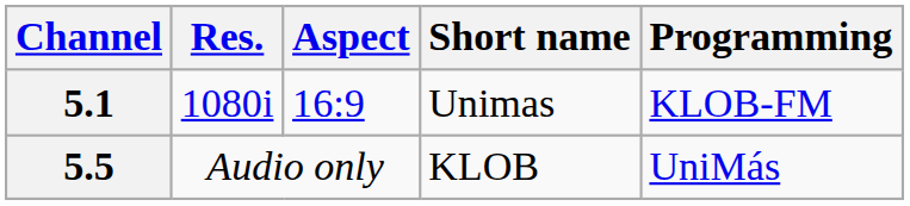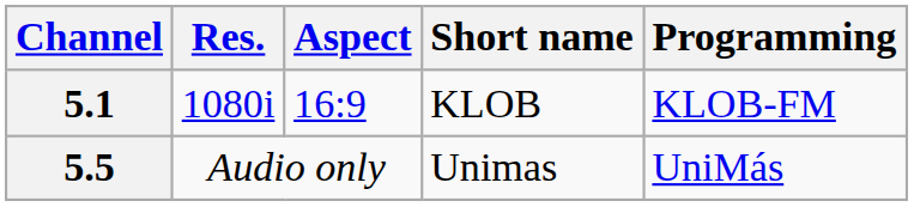 <table class="wikitable">
 <tr>
 <th scope = "col"><a href='#'>Channel</a></th>
 <th scope = "col"><a href='#'>Res.</a></th>
 <th scope = "col"><a href='#'>Aspect</a></th>
 <th scope = "col">Short name</th>
 <th scope = "col">Programming</th>
 </tr>
 <tr>
 <th scope = "row">5.1</th>
 <td><a href='#'>1080i</a></td>
 <td><a href='#'>16:9</a></td>
-<td>Unimas</td>
+<td>KLOB</td>
 <td><a href='#'>KLOB-FM</a></td>
 </tr>
 <tr>
 <th scope = "row">5.5</th>
 <td colspan="2" style="text-align: center;"><em>Audio only</em></td>
-<td>KLOB</td>
+<td>Unimas</td>
 <td><a href='#'>UniMás</a></td>
 </tr>
 </table>
